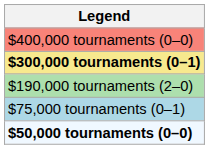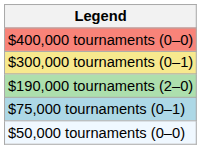 <table class=wikitable style="font-size:90%">
 <tr>
 <th>Legend</th>
 </tr>
 <tr style="background:#f88379;">
 <td>$400,000 tournaments (0–0)</td>
 </tr>
 <tr style="background:#f7e98e;">
-<td><strong>$300,000 tournaments (0–1)</strong></td>
+<td>$300,000 tournaments (0–1)</td>
 </tr>
 <tr style="background:#addfad;">
 <td>$190,000 tournaments (2–0)</td>
 </tr>
 <tr style="background:lightblue;">
 <td>$75,000 tournaments (0–1)</td>
 </tr>
 <tr style="background:#f0f8ff;">
-<td><strong>$50,000 tournaments (0–0)</strong></td>
+<td>$50,000 tournaments (0–0)</td>
 </tr>
 </table>
